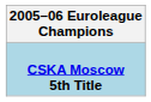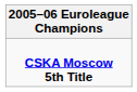 <table class=wikitable style="text-align:center; margin:auto">
 <tr>
 <th>2005–06 Euroleague<br>Champions</th>
 </tr>
 <tr>
-<td style="background: lightblue;"><br> <strong><a href='#'>CSKA Moscow</a></strong> <br> <strong>5th Title</strong></td>
+<td><br> <strong><a href='#'>CSKA Moscow</a></strong> <br> <strong>5th Title</strong></td>
 </tr>
 </table>
